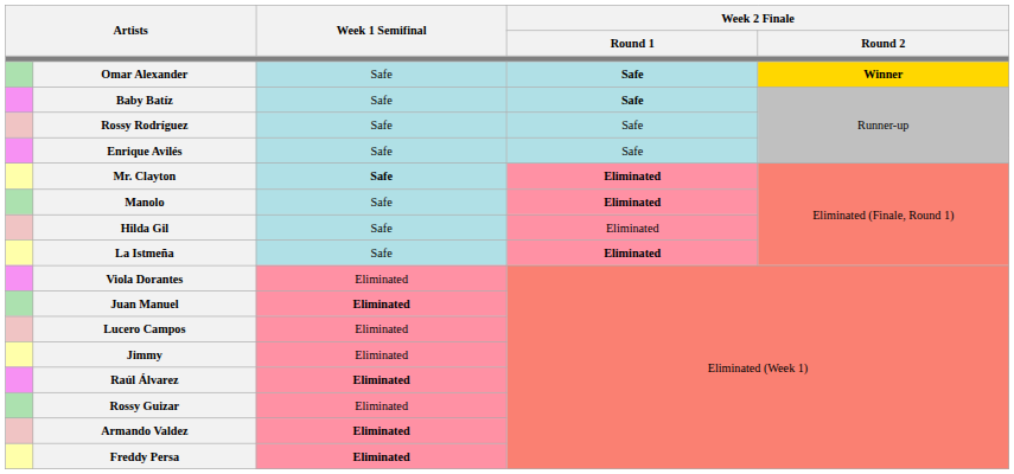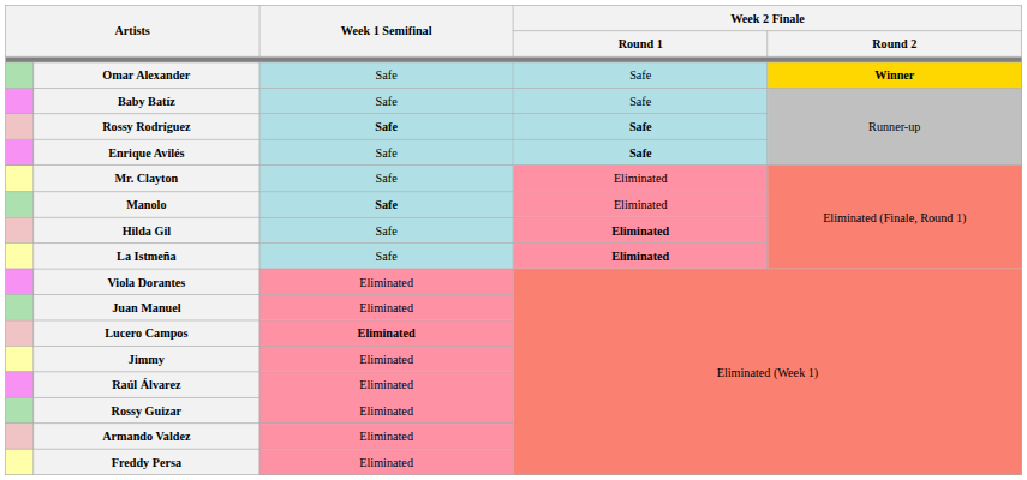 <table class="wikitable"  style="text-align:center; line-height:25px; font-size:95%; width:100%">
 <tr>
 <th rowspan="2" colspan="2" style="width:18%">Artists</th>
 <th rowspan="2" style="width:18%">Week 1 Semifinal</th>
 <th colspan="2">Week 2 Finale</th>
 </tr>
 <tr>
 <th style="width:18%">Round 1</th>
 <th style="width:18%">Round 2</th>
 </tr>
 <tr>
 <th colspan="5" style="background:gray"></th>
 </tr>
 <tr>
 <th style="background:#ace1af; width:2%"></th>
 <th>Omar Alexander</th>
 <td style="background:#b0e0e6">Safe</td>
-<td style="background:#b0e0e6"><strong>Safe</strong></td>
+<td style="background:#b0e0e6">Safe</td>
 <td style="background:gold"><strong>Winner</strong></td>
 </tr>
 <tr>
 <th style="background:#f791f3"></th>
 <th>Baby Batíz</th>
 <td style="background:#b0e0e6">Safe</td>
-<td style="background:#b0e0e6"><strong>Safe</strong></td>
+<td style="background:#b0e0e6">Safe</td>
 <td style="background:silver" rowspan="3">Runner-up</td>
 </tr>
 <tr>
 <th style="background:#f0c4c4"></th>
 <th>Rossy Rodríguez</th>
-<td style="background:#b0e0e6">Safe</td>
-<td style="background:#b0e0e6">Safe</td>
+<td style="background:#b0e0e6"><strong>Safe</strong></td>
+<td style="background:#b0e0e6"><strong>Safe</strong></td>
 </tr>
 <tr>
 <th style="background:#f791f3"></th>
 <th>Enrique Avilés</th>
 <td style="background:#b0e0e6">Safe</td>
-<td style="background:#b0e0e6">Safe</td>
+<td style="background:#b0e0e6"><strong>Safe</strong></td>
 </tr>
 <tr>
 <th style="background:#FFFFAA"></th>
 <th>Mr. Clayton</th>
-<td style="background:#b0e0e6"><strong>Safe</strong></td>
-<td style="background:#FF91A4"><strong>Eliminated</strong></td>
+<td style="background:#b0e0e6">Safe</td>
+<td style="background:#FF91A4">Eliminated</td>
 <td colspan="2" rowspan="4" style="background:salmon">Eliminated (Finale, Round 1)</td>
 </tr>
 <tr>
 <th style="background:#ace1af"></th>
 <th>Manolo</th>
-<td style="background:#b0e0e6">Safe</td>
-<td style="background:#FF91A4"><strong>Eliminated</strong></td>
+<td style="background:#b0e0e6"><strong>Safe</strong></td>
+<td style="background:#FF91A4">Eliminated</td>
 </tr>
 <tr>
 <th style="background:#f0c4c4"></th>
 <th>Hilda Gil</th>
 <td style="background:#b0e0e6">Safe</td>
-<td style="background:#FF91A4">Eliminated</td>
+<td style="background:#FF91A4"><strong>Eliminated</strong></td>
 </tr>
 <tr>
 <th style="background:#FFFFAA"></th>
 <th>La Istmeña</th>
 <td style="background:#b0e0e6">Safe</td>
 <td style="background:#FF91A4"><strong>Eliminated</strong></td>
 </tr>
 <tr>
 <th style="background:#f791f3"></th>
 <th>Viola Dorantes</th>
 <td style="background:#FF91A4">Eliminated</td>
 <td colspan="2" rowspan="8" style="background:salmon">Eliminated (Week 1)</td>
 </tr>
 <tr>
 <th style="background:#ace1af"></th>
 <th>Juan Manuel</th>
-<td style="background:#FF91A4"><strong>Eliminated</strong></td>
+<td style="background:#FF91A4">Eliminated</td>
 </tr>
 <tr>
 <th style="background:#f0c4c4"></th>
 <th>Lucero Campos</th>
-<td style="background:#FF91A4">Eliminated</td>
+<td style="background:#FF91A4"><strong>Eliminated</strong></td>
 </tr>
 <tr>
 <th style="background:#FFFFAA"></th>
 <th>Jimmy</th>
 <td style="background:#FF91A4">Eliminated</td>
 </tr>
 <tr>
 <th style="background:#f791f3"></th>
 <th>Raúl Álvarez</th>
-<td style="background:#FF91A4"><strong>Eliminated</strong></td>
+<td style="background:#FF91A4">Eliminated</td>
 </tr>
 <tr>
 <th style="background:#ace1af"></th>
 <th>Rossy Guizar</th>
 <td style="background:#FF91A4">Eliminated</td>
 </tr>
 <tr>
 <th style="background:#f0c4c4"></th>
 <th>Armando Valdez</th>
-<td style="background:#FF91A4"><strong>Eliminated</strong></td>
+<td style="background:#FF91A4">Eliminated</td>
 </tr>
 <tr>
 <th style="background:#FFFFAA"></th>
 <th>Freddy Persa</th>
-<td style="background:#FF91A4"><strong>Eliminated</strong></td>
+<td style="background:#FF91A4">Eliminated</td>
 </tr>
 </table>
